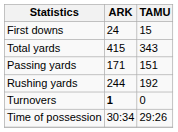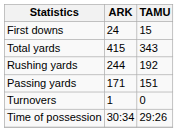 <table class="wikitable" style="float: left;">
 <tr>
 <th>Statistics</th>
 <th>ARK</th>
 <th>TAMU</th>
 </tr>
 <tr>
 <td>First downs</td>
 <td>24</td>
 <td>15</td>
 </tr>
 <tr>
 <td>Total yards</td>
 <td>415</td>
 <td>343</td>
 </tr>
 <tr>
+<td>Rushing yards</td>
+<td>244</td>
+<td>192</td>
+</tr>
+<tr>
 <td>Passing yards</td>
 <td>171</td>
 <td>151</td>
 </tr>
 <tr>
-<td>Rushing yards</td>
-<td>244</td>
-<td>192</td>
-</tr>
-<tr>
 <td>Turnovers</td>
-<td><strong>1</strong></td>
+<td>1</td>
 <td>0</td>
 </tr>
 <tr>
 <td>Time of possession</td>
 <td>30:34</td>
 <td>29:26</td>
 </tr>
 <tr>
 </tr>
 </table>
